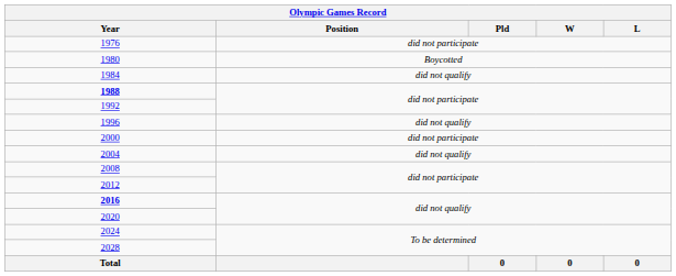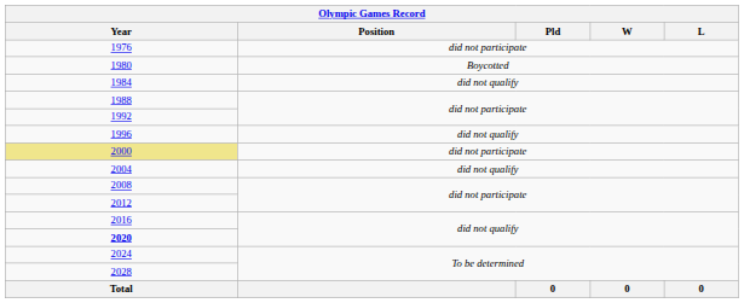 <table class="wikitable collapsible autocollapse" width=80% style="text-align: center;font-size:90%;">
 <tr>
 <th colspan=6><a href='#'>Olympic Games Record</a></th>
 </tr>
 <tr>
 <th width=25%>Year</th>
 <th width=30%>Position</th>
 <th width=8%>Pld</th>
 <th width=8%>W</th>
 <th width=8%>L</th>
 </tr>
 <tr>
 <td> <a href='#'>1976</a></td>
 <td colspan=4><em>did not participate</em></td>
 </tr>
 <tr>
 <td> <a href='#'>1980</a></td>
 <td colspan=4><em>Boycotted</em></td>
 </tr>
 <tr>
 <td> <a href='#'>1984</a></td>
 <td colspan=4><em>did not qualify</em></td>
 </tr>
 <tr>
-<td><strong> <a href='#'>1988</a></strong></td>
+<td> <a href='#'>1988</a></td>
 <td rowspan=2 colspan=4><em>did not participate</em></td>
 </tr>
 <tr>
 <td> <a href='#'>1992</a></td>
 </tr>
 <tr>
 <td> <a href='#'>1996</a></td>
 <td colspan=4><em>did not qualify</em></td>
 </tr>
 <tr>
-<td> <a href='#'>2000</a></td>
+<td style="background: khaki;"> <a href='#'>2000</a></td>
 <td colspan=4><em>did not participate</em></td>
 </tr>
 <tr>
 <td> <a href='#'>2004</a></td>
 <td colspan=4><em>did not qualify</em></td>
 </tr>
 <tr>
 <td> <a href='#'>2008</a></td>
 <td rowspan=2 colspan=4><em>did not participate</em></td>
 </tr>
 <tr>
 <td> <a href='#'>2012</a></td>
 </tr>
 <tr>
-<td><strong> <a href='#'>2016</a></strong></td>
+<td> <a href='#'>2016</a></td>
 <td rowspan=2 colspan=4><em>did not qualify</em></td>
 </tr>
 <tr>
-<td> <a href='#'>2020</a></td>
+<td><strong> <a href='#'>2020</a></strong></td>
 </tr>
 <tr>
 <td> <a href='#'>2024</a></td>
 <td rowspan=2 colspan=4><em>To be determined</em></td>
 </tr>
 <tr>
 <td> <a href='#'>2028</a></td>
 </tr>
 <tr>
 <th>Total</th>
 <th></th>
 <th>0</th>
 <th>0</th>
 <th>0</th>
 </tr>
 </table>
